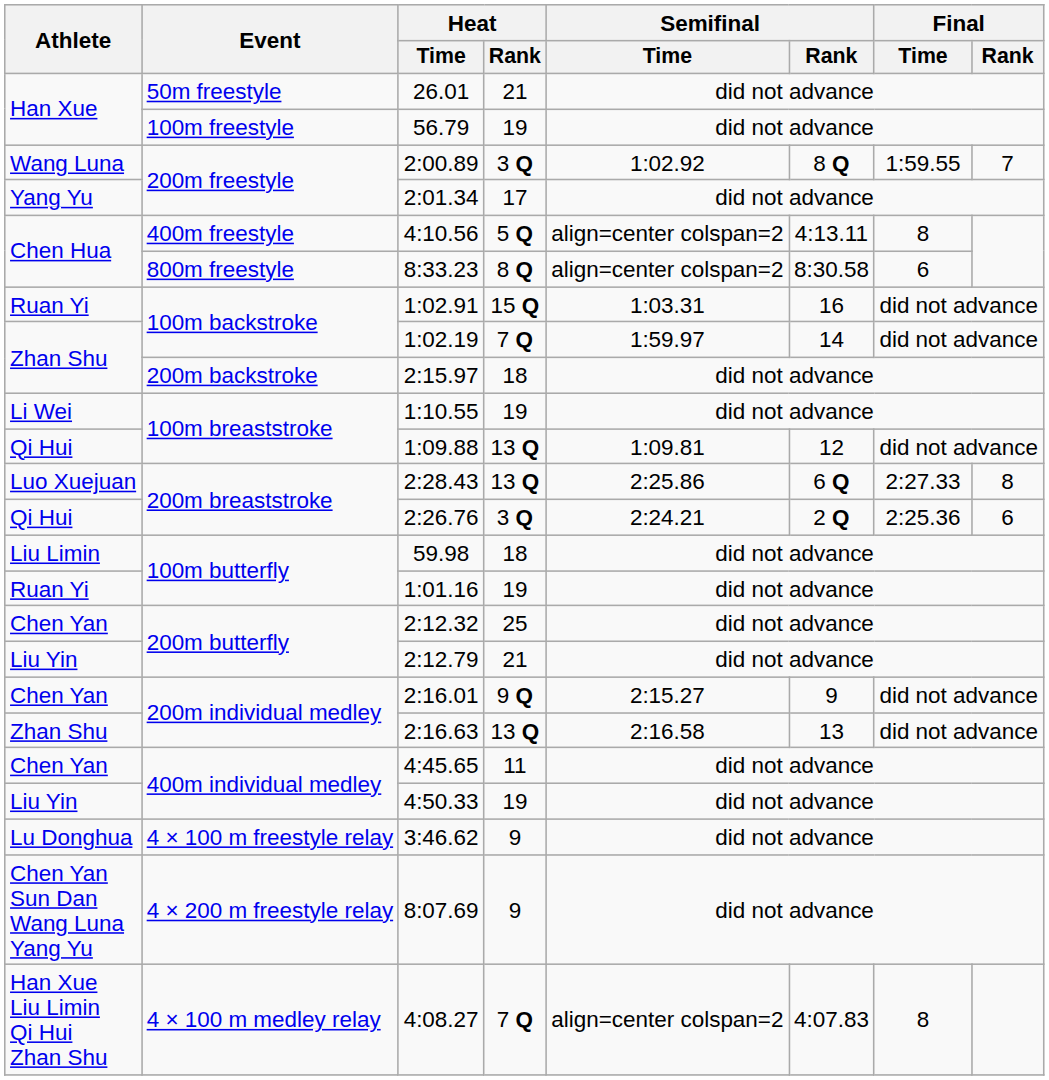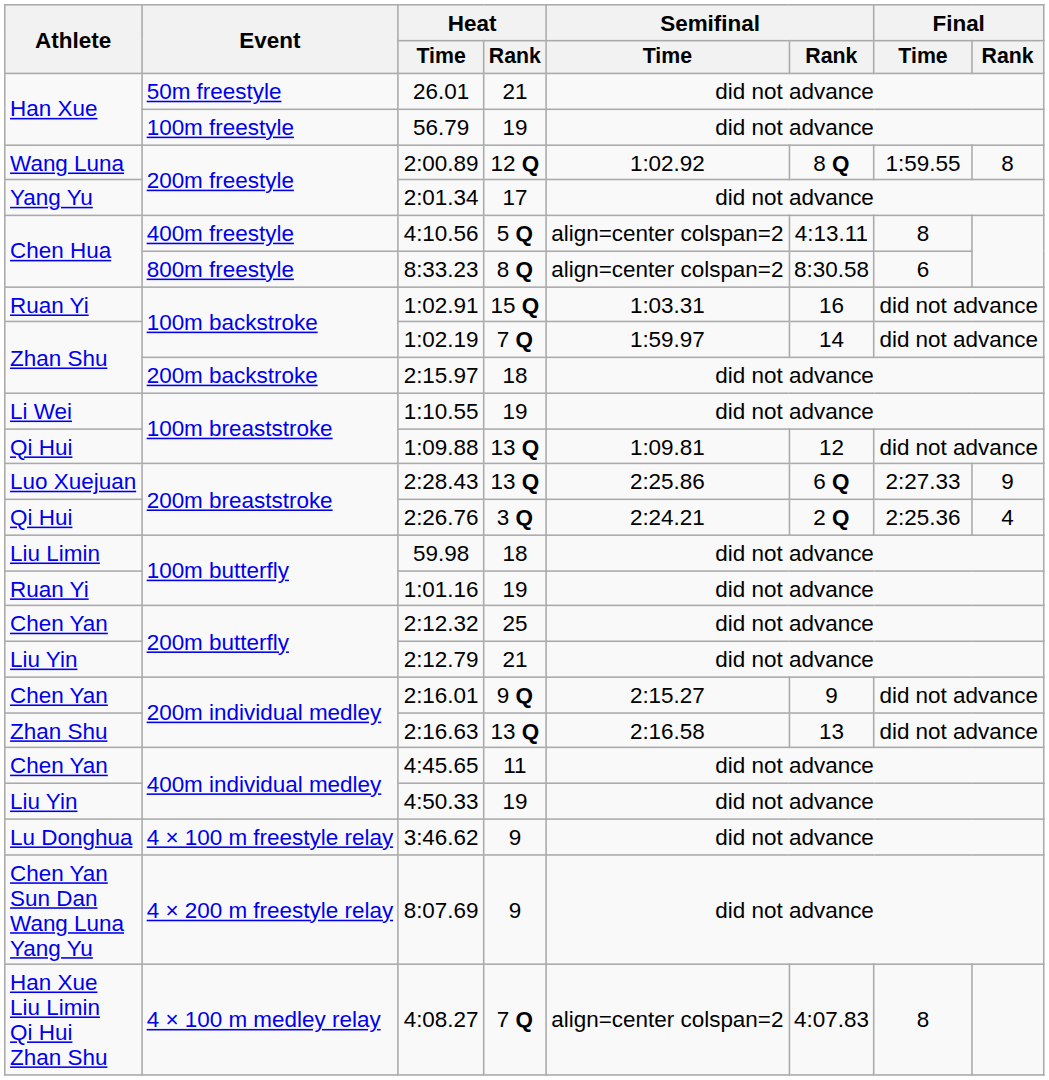 <table class=wikitable style="font-size:90%">
 <tr>
 <th rowspan="2">Athlete</th>
 <th rowspan="2">Event</th>
 <th colspan="2">Heat</th>
 <th colspan="2">Semifinal</th>
 <th colspan="2">Final</th>
 </tr>
 <tr style="font-size:95%">
 <th>Time</th>
 <th>Rank</th>
 <th>Time</th>
 <th>Rank</th>
 <th>Time</th>
 <th>Rank</th>
 </tr>
 <tr>
 <td align=left rowspan=2><a href='#'>Han Xue</a></td>
 <td align=left><a href='#'>50m freestyle</a></td>
 <td align=center>26.01</td>
 <td align=center>21</td>
 <td align=center colspan=4>did not advance</td>
 </tr>
 <tr>
 <td align=left><a href='#'>100m freestyle</a></td>
 <td align=center>56.79</td>
 <td align=center>19</td>
 <td align=center colspan=4>did not advance</td>
 </tr>
 <tr>
 <td align=left><a href='#'>Wang Luna</a></td>
 <td align=left rowspan=2><a href='#'>200m freestyle</a></td>
 <td align=center>2:00.89</td>
-<td align=center>3 <strong>Q</strong></td>
+<td align=center>12 <strong>Q</strong></td>
 <td align=center>1:02.92</td>
 <td align=center>8 <strong>Q</strong></td>
 <td align=center>1:59.55</td>
-<td align=center>7</td>
+<td align=center>8</td>
 </tr>
 <tr>
 <td align=left><a href='#'>Yang Yu</a></td>
 <td align=center>2:01.34</td>
 <td align=center>17</td>
 <td align=center colspan=4>did not advance</td>
 </tr>
 <tr>
 <td align=left rowspan=2><a href='#'>Chen Hua</a></td>
 <td align=left><a href='#'>400m freestyle</a></td>
 <td align=center>4:10.56</td>
 <td align=center>5 <strong>Q</strong></td>
 <td>align=center colspan=2 </td>
 <td align=center>4:13.11</td>
 <td align=center>8</td>
 </tr>
 <tr>
 <td align=left><a href='#'>800m freestyle</a></td>
 <td align=center>8:33.23</td>
 <td align=center>8 <strong>Q</strong></td>
 <td>align=center colspan=2 </td>
 <td align=center>8:30.58</td>
 <td align=center>6</td>
 </tr>
 <tr>
 <td align=left><a href='#'>Ruan Yi</a></td>
 <td align=left rowspan=2><a href='#'>100m backstroke</a></td>
 <td align=center>1:02.91</td>
 <td align=center>15 <strong>Q</strong></td>
 <td align=center>1:03.31</td>
 <td align=center>16</td>
 <td align=center colspan=2>did not advance</td>
 </tr>
 <tr>
 <td align=left rowspan=2><a href='#'>Zhan Shu</a></td>
 <td align=center>1:02.19</td>
 <td align=center>7 <strong>Q</strong></td>
 <td align=center>1:59.97</td>
 <td align=center>14</td>
 <td align=center colspan=2>did not advance</td>
 </tr>
 <tr>
 <td align=left><a href='#'>200m backstroke</a></td>
 <td align=center>2:15.97</td>
 <td align=center>18</td>
 <td align=center colspan=4>did not advance</td>
 </tr>
 <tr>
 <td align=left><a href='#'>Li Wei</a></td>
 <td align=left rowspan=2><a href='#'>100m breaststroke</a></td>
 <td align=center>1:10.55</td>
 <td align=center>19</td>
 <td align=center colspan=4>did not advance</td>
 </tr>
 <tr>
 <td align=left><a href='#'>Qi Hui</a></td>
 <td align=center>1:09.88</td>
 <td align=center>13 <strong>Q</strong></td>
 <td align=center>1:09.81</td>
 <td align=center>12</td>
 <td align=center colspan=2>did not advance</td>
 </tr>
 <tr>
 <td align=left><a href='#'>Luo Xuejuan</a></td>
 <td align=left rowspan=2><a href='#'>200m breaststroke</a></td>
 <td align=center>2:28.43</td>
 <td align=center>13 <strong>Q</strong></td>
 <td align=center>2:25.86</td>
 <td align=center>6 <strong>Q</strong></td>
 <td align=center>2:27.33</td>
-<td align=center>8</td>
+<td align=center>9</td>
 </tr>
 <tr>
 <td align=left><a href='#'>Qi Hui</a></td>
 <td align=center>2:26.76</td>
 <td align=center>3 <strong>Q</strong></td>
 <td align=center>2:24.21</td>
 <td align=center>2 <strong>Q</strong></td>
 <td align=center>2:25.36</td>
-<td align=center>6</td>
+<td align=center>4</td>
 </tr>
 <tr>
 <td align=left><a href='#'>Liu Limin</a></td>
 <td align=left rowspan=2><a href='#'>100m butterfly</a></td>
 <td align=center>59.98</td>
 <td align=center>18</td>
 <td align=center colspan=4>did not advance</td>
 </tr>
 <tr>
 <td align=left><a href='#'>Ruan Yi</a></td>
 <td align=center>1:01.16</td>
 <td align=center>19</td>
 <td align=center colspan=4>did not advance</td>
 </tr>
 <tr>
 <td align=left><a href='#'>Chen Yan</a></td>
 <td align=left rowspan=2><a href='#'>200m butterfly</a></td>
 <td align=center>2:12.32</td>
 <td align=center>25</td>
 <td align=center colspan=4>did not advance</td>
 </tr>
 <tr>
 <td align=left><a href='#'>Liu Yin</a></td>
 <td align=center>2:12.79</td>
 <td align=center>21</td>
 <td align=center colspan=4>did not advance</td>
 </tr>
 <tr>
 <td align=left><a href='#'>Chen Yan</a></td>
 <td align=left rowspan=2><a href='#'>200m individual medley</a></td>
 <td align=center>2:16.01</td>
 <td align=center>9 <strong>Q</strong></td>
 <td align=center>2:15.27</td>
 <td align=center>9</td>
 <td align=center colspan=2>did not advance</td>
 </tr>
 <tr>
 <td align=left><a href='#'>Zhan Shu</a></td>
 <td align=center>2:16.63</td>
 <td align=center>13 <strong>Q</strong></td>
 <td align=center>2:16.58</td>
 <td align=center>13</td>
 <td align=center colspan=2>did not advance</td>
 </tr>
 <tr>
 <td align=left><a href='#'>Chen Yan</a></td>
 <td align=left rowspan=2><a href='#'>400m individual medley</a></td>
 <td align=center>4:45.65</td>
 <td align=center>11</td>
 <td align=center colspan=4>did not advance</td>
 </tr>
 <tr>
 <td align=left><a href='#'>Liu Yin</a></td>
 <td align=center>4:50.33</td>
 <td align=center>19</td>
 <td align=center colspan=4>did not advance</td>
 </tr>
 <tr>
 <td align=left><a href='#'>Lu Donghua</a></td>
 <td align=left><a href='#'>4 × 100 m freestyle relay</a></td>
 <td align=center>3:46.62</td>
 <td align=center>9</td>
 <td align=center colspan=4>did not advance</td>
 </tr>
 <tr>
 <td align=left><a href='#'>Chen Yan</a><br> <a href='#'>Sun Dan</a><br> <a href='#'>Wang Luna</a><br> <a href='#'>Yang Yu</a></td>
 <td align=left><a href='#'>4 × 200 m freestyle relay</a></td>
 <td align=center>8:07.69</td>
 <td align=center>9</td>
 <td align=center colspan=4>did not advance</td>
 </tr>
 <tr>
 <td align=left><a href='#'>Han Xue</a><br> <a href='#'>Liu Limin</a><br> <a href='#'>Qi Hui</a><br> <a href='#'>Zhan Shu</a></td>
 <td align=left><a href='#'>4 × 100 m medley relay</a></td>
 <td align=center>4:08.27</td>
 <td align=center>7 <strong>Q</strong></td>
 <td>align=center colspan=2 </td>
 <td align=center>4:07.83</td>
 <td align=center>8</td>
 </tr>
 </table>
